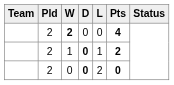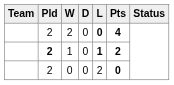 <table style=border-collapse:collapse border=1 cellspacing=0 cellpadding=5>
 <tr align=center bgcolor=#efefef>
 <th>Team</th>
 <th>Pld</th>
 <th>W</th>
 <th>D</th>
 <th>L</th>
 <th>Pts</th>
 <th>Status</th>
 </tr>
 <tr align=center style="background:#FFFFFF;">
 <td style="text-align:left;"> </td>
 <td>2</td>
-<td><strong>2</strong></td>
+<td>2</td>
 <td>0</td>
-<td>0</td>
+<td><strong>0</strong></td>
 <td><strong>4</strong></td>
 <td rowspan=3></td>
 </tr>
 <tr align=center style="background:#FFFFFF;">
 <td style="text-align:left;"> </td>
-<td>2</td>
+<td><strong>2</strong></td>
 <td>1</td>
-<td><strong>0</strong></td>
-<td>1</td>
+<td>0</td>
+<td><strong>1</strong></td>
 <td><strong>2</strong></td>
 </tr>
 <tr align=center style="background:#FFFFFF;">
 <td style="text-align:left;"> </td>
 <td>2</td>
 <td>0</td>
-<td><strong>0</strong></td>
+<td>0</td>
 <td>2</td>
 <td><strong>0</strong></td>
 </tr>
 </table>
